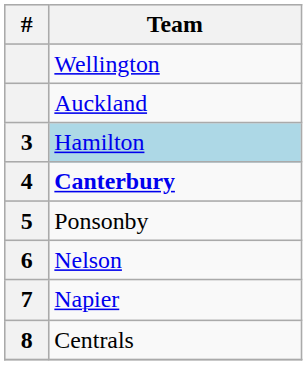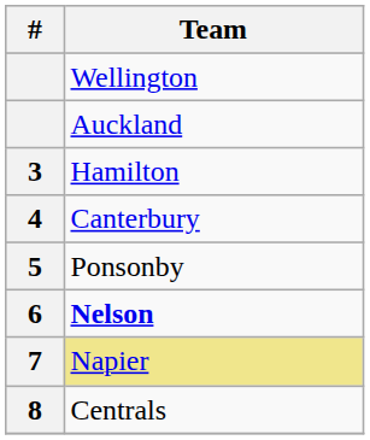 <table class="wikitable" width="15%" style="font-size:95%; text-align:center">
 <tr>
 <th>#</th>
 <th>Team</th>
 </tr>
 <tr>
 <th></th>
 <td align=left><a href='#'>Wellington</a></td>
 </tr>
 <tr>
 <th></th>
 <td align=left><a href='#'>Auckland</a></td>
 </tr>
 <tr>
 <th>3</th>
-<td align=left style="background: lightblue;"><a href='#'>Hamilton</a></td>
+<td align=left><a href='#'>Hamilton</a></td>
 </tr>
 <tr>
 <th>4</th>
-<td align=left><strong><a href='#'>Canterbury</a></strong></td>
+<td align=left><a href='#'>Canterbury</a></td>
 </tr>
 <tr>
 <th>5</th>
 <td align=left>Ponsonby</td>
 </tr>
 <tr>
 <th>6</th>
-<td align=left><a href='#'>Nelson</a></td>
+<td align=left><strong><a href='#'>Nelson</a></strong></td>
 </tr>
 <tr>
 <th>7</th>
-<td align=left><a href='#'>Napier</a></td>
+<td align=left style="background: khaki;"><a href='#'>Napier</a></td>
 </tr>
 <tr>
 <th>8</th>
 <td align=left>Centrals</td>
 </tr>
 <tr>
 </tr>
 </table>
